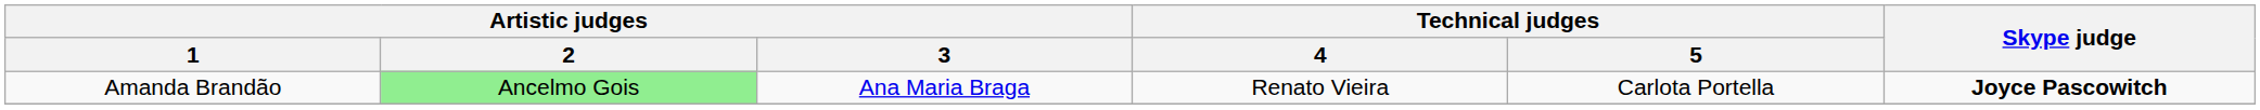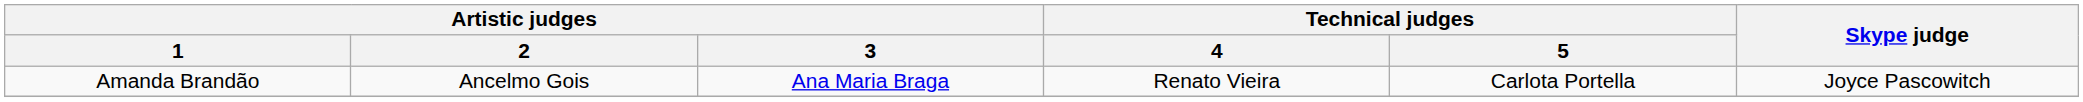 <table class="wikitable" style="font-size:100%; line-height:16px; text-align:center" width="100%">
 <tr>
 <th colspan=3 width="50.0%">Artistic judges</th>
 <th colspan=2 width="33.3%">Technical judges</th>
 <th rowspan=2 width="16.7%"><a href='#'>Skype</a> judge<br></th>
 </tr>
 <tr>
 <th width="16.7%">1</th>
 <th width="16.7%">2</th>
 <th width="16.7%">3</th>
 <th width="16.7%">4</th>
 <th width="16.7%">5</th>
 </tr>
 <tr>
 <td>Amanda Brandão</td>
-<td style="background: lightgreen;">Ancelmo Gois</td>
+<td>Ancelmo Gois</td>
 <td><a href='#'>Ana Maria Braga</a></td>
 <td>Renato Vieira</td>
 <td>Carlota Portella</td>
-<td><strong>Joyce Pascowitch</strong></td>
+<td>Joyce Pascowitch</td>
 </tr>
 <tr>
 </tr>
 </table>
